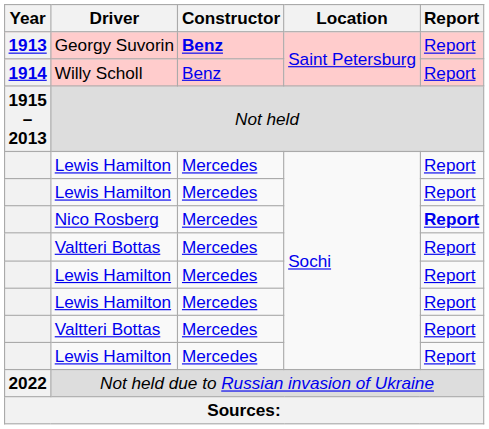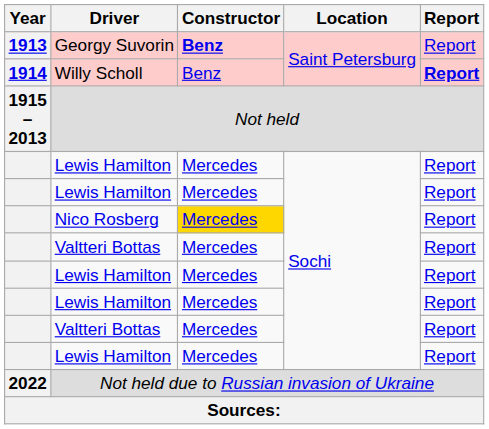 <table class="wikitable" style="font-size: 95%;">
 <tr>
 <th>Year</th>
 <th>Driver</th>
 <th>Constructor</th>
 <th>Location</th>
 <th>Report</th>
 </tr>
 <tr style="background:#fcc;">
 <th><a href='#'>1913</a></th>
 <td> Georgy Suvorin</td>
 <td><strong><a href='#'>Benz</a></strong></td>
 <td rowspan="2"><a href='#'>Saint Petersburg</a></td>
 <td><a href='#'>Report</a></td>
 </tr>
 <tr style="background:#fcc;">
 <th><a href='#'>1914</a></th>
 <td> Willy Scholl</td>
 <td><a href='#'>Benz</a></td>
-<td><a href='#'>Report</a></td>
+<td><strong><a href='#'>Report</a></strong></td>
 </tr>
 <tr style="background:#ddd;">
 <th>1915<br>–<br>2013</th>
 <td align=center COLSPAN=4><em>Not held</em></td>
 </tr>
 <tr>
 <th></th>
 <td> <a href='#'>Lewis Hamilton</a></td>
 <td><a href='#'>Mercedes</a></td>
 <td rowspan="8"><a href='#'>Sochi</a></td>
 <td><a href='#'>Report</a></td>
 </tr>
 <tr>
 <th></th>
 <td> <a href='#'>Lewis Hamilton</a></td>
 <td><a href='#'>Mercedes</a></td>
 <td><a href='#'>Report</a></td>
 </tr>
 <tr>
 <th></th>
 <td> <a href='#'>Nico Rosberg</a></td>
-<td><a href='#'>Mercedes</a></td>
-<td><strong><a href='#'>Report</a></strong></td>
+<td style="background: gold;"><a href='#'>Mercedes</a></td>
+<td><a href='#'>Report</a></td>
 </tr>
 <tr>
 <th></th>
 <td> <a href='#'>Valtteri Bottas</a></td>
 <td><a href='#'>Mercedes</a></td>
 <td><a href='#'>Report</a></td>
 </tr>
 <tr>
 <th></th>
 <td> <a href='#'>Lewis Hamilton</a></td>
 <td><a href='#'>Mercedes</a></td>
 <td><a href='#'>Report</a></td>
 </tr>
 <tr>
 <th></th>
 <td> <a href='#'>Lewis Hamilton</a></td>
 <td><a href='#'>Mercedes</a></td>
 <td><a href='#'>Report</a></td>
 </tr>
 <tr>
 <th></th>
 <td> <a href='#'>Valtteri Bottas</a></td>
 <td><a href='#'>Mercedes</a></td>
 <td><a href='#'>Report</a></td>
 </tr>
 <tr>
 <th></th>
 <td> <a href='#'>Lewis Hamilton</a></td>
 <td><a href='#'>Mercedes</a></td>
 <td><a href='#'>Report</a></td>
 </tr>
 <tr style="background:#ddd">
 <th>2022</th>
 <td align=center colspan="4"><em>Not held due to <a href='#'>Russian invasion of Ukraine</a></em></td>
 </tr>
 <tr>
 <th colspan=5>Sources:</th>
 </tr>
 </table>
